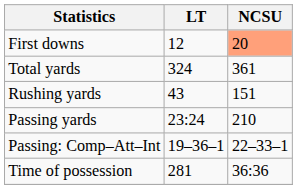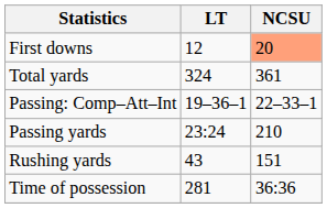 <table class="wikitable" style="float: left;">
 <tr>
 <th>Statistics</th>
 <th>LT</th>
 <th>NCSU</th>
 </tr>
 <tr>
 <td>First downs</td>
 <td>12</td>
 <td style="background: lightsalmon;">20</td>
 </tr>
 <tr>
 <td>Total yards</td>
 <td>324</td>
 <td>361</td>
 </tr>
 <tr>
-<td>Rushing yards</td>
-<td>43</td>
-<td>151</td>
+<td>Passing: Comp–Att–Int</td>
+<td>19–36–1</td>
+<td>22–33–1</td>
 </tr>
 <tr>
 <td>Passing yards</td>
 <td>23:24</td>
 <td>210</td>
 </tr>
 <tr>
-<td>Passing: Comp–Att–Int</td>
-<td>19–36–1</td>
-<td>22–33–1</td>
+<td>Rushing yards</td>
+<td>43</td>
+<td>151</td>
 </tr>
 <tr>
 <td>Time of possession</td>
 <td>281</td>
 <td>36:36</td>
 </tr>
 <tr>
 </tr>
 </table>
